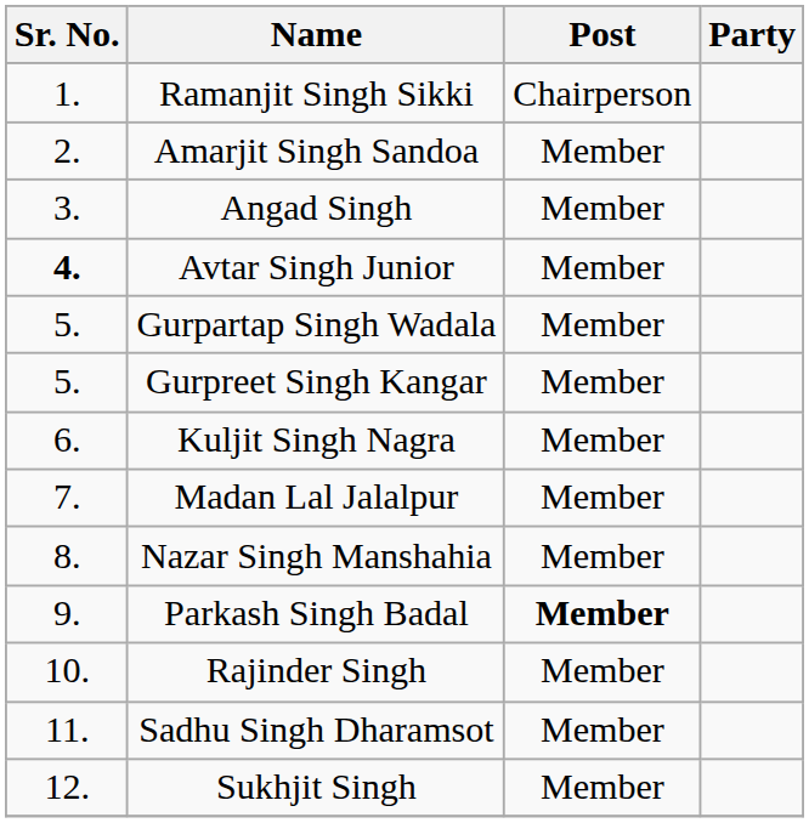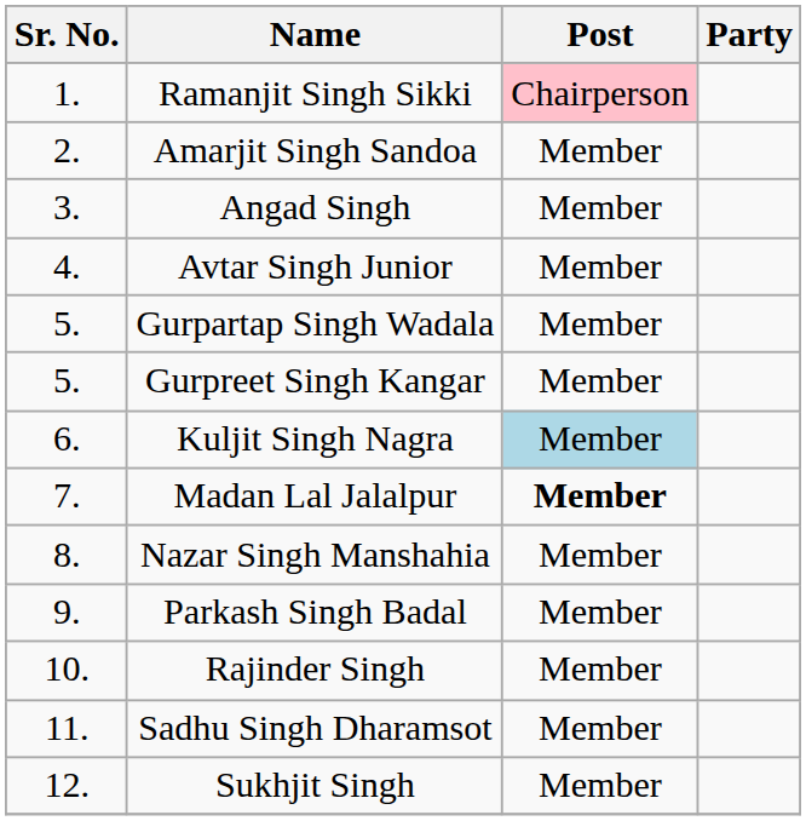 <table class="wikitable sortable">
 <tr>
 <th>Sr. No.</th>
 <th>Name</th>
 <th>Post</th>
 <th colspan="2">Party</th>
 </tr>
 <tr align="center">
 <td>1.</td>
 <td>Ramanjit Singh Sikki</td>
-<td>Chairperson</td>
+<td style="background: pink;">Chairperson</td>
 <td></td>
 </tr>
 <tr align="center">
 <td>2.</td>
 <td>Amarjit Singh Sandoa</td>
 <td>Member</td>
 <td></td>
 </tr>
 <tr align="center">
 <td>3.</td>
 <td>Angad Singh</td>
 <td>Member</td>
 <td></td>
 </tr>
 <tr align="center">
-<td><strong>4.</strong></td>
+<td>4.</td>
 <td>Avtar Singh Junior</td>
 <td>Member</td>
 <td></td>
 </tr>
 <tr align="center">
 <td>5.</td>
 <td>Gurpartap Singh Wadala</td>
 <td>Member</td>
 <td></td>
 </tr>
 <tr align="center">
 <td>5.</td>
 <td>Gurpreet Singh Kangar</td>
 <td>Member</td>
 <td></td>
 </tr>
 <tr align="center">
 <td>6.</td>
 <td>Kuljit Singh Nagra</td>
-<td>Member</td>
+<td style="background: lightblue;">Member</td>
 <td></td>
 </tr>
 <tr align="center">
 <td>7.</td>
 <td>Madan Lal Jalalpur</td>
-<td>Member</td>
+<td><strong>Member</strong></td>
 <td></td>
 </tr>
 <tr align="center">
 <td>8.</td>
 <td>Nazar Singh Manshahia</td>
 <td>Member</td>
 <td></td>
 </tr>
 <tr align="center">
 <td>9.</td>
 <td>Parkash Singh Badal</td>
-<td><strong>Member</strong></td>
+<td>Member</td>
 <td></td>
 </tr>
 <tr align="center">
 <td>10.</td>
 <td>Rajinder Singh</td>
 <td>Member</td>
 <td></td>
 </tr>
 <tr align="center">
 <td>11.</td>
 <td>Sadhu Singh Dharamsot</td>
 <td>Member</td>
 <td></td>
 </tr>
 <tr align="center">
 <td>12.</td>
 <td>Sukhjit Singh</td>
 <td>Member</td>
 <td></td>
 </tr>
 <tr align="center">
 </tr>
 </table>
